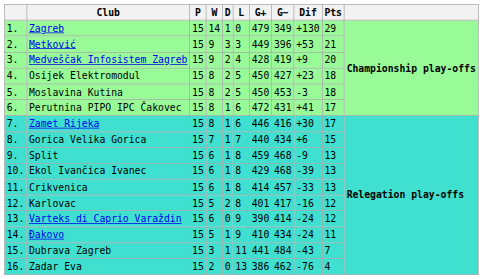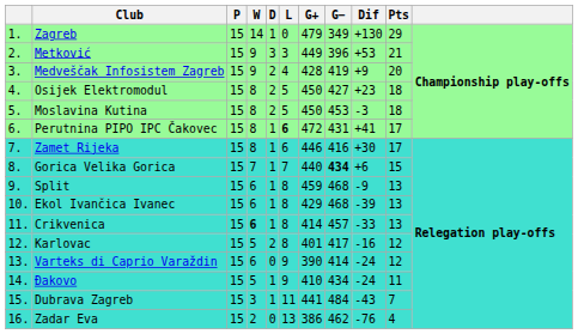 <table class="wikitable sortable">
 <tr>
 <th></th>
 <th>Club</th>
 <th>P</th>
 <th>W</th>
 <th>D</th>
 <th>L</th>
 <th>G+</th>
 <th>G−</th>
 <th>Dif</th>
 <th>Pts</th>
 <th></th>
 </tr>
 <tr style="background:palegreen;">
 <td>1.</td>
 <td><a href='#'>Zagreb</a></td>
 <td>15</td>
 <td>14</td>
 <td>1</td>
 <td>0</td>
 <td>479</td>
 <td>349</td>
 <td>+130</td>
 <td>29</td>
 <td rowspan="6"><strong>Championship play-offs</strong></td>
 </tr>
 <tr style="background:palegreen;">
 <td>2.</td>
 <td><a href='#'>Metković</a></td>
 <td>15</td>
 <td>9</td>
 <td>3</td>
 <td>3</td>
 <td>449</td>
 <td>396</td>
 <td>+53</td>
 <td>21</td>
 </tr>
 <tr style="background:palegreen;">
 <td>3.</td>
 <td><a href='#'>Medveščak Infosistem Zagreb</a></td>
 <td>15</td>
 <td>9</td>
 <td>2</td>
 <td>4</td>
 <td>428</td>
 <td>419</td>
 <td>+9</td>
 <td>20</td>
 </tr>
 <tr style="background:palegreen;">
 <td>4.</td>
 <td>Osijek Elektromodul</td>
 <td>15</td>
 <td>8</td>
 <td>2</td>
 <td>5</td>
 <td>450</td>
 <td>427</td>
 <td>+23</td>
 <td>18</td>
 </tr>
 <tr style="background:palegreen;">
 <td>5.</td>
 <td>Moslavina Kutina</td>
 <td>15</td>
 <td>8</td>
 <td>2</td>
 <td>5</td>
 <td>450</td>
 <td>453</td>
 <td>-3</td>
 <td>18</td>
 </tr>
 <tr style="background:palegreen;">
 <td>6.</td>
 <td>Perutnina PIPO IPC Čakovec</td>
 <td>15</td>
 <td>8</td>
 <td>1</td>
-<td>6</td>
+<td><strong>6</strong></td>
 <td>472</td>
 <td>431</td>
 <td>+41</td>
 <td>17</td>
 </tr>
 <tr Style="background:turquoise;">
 <td>7.</td>
 <td><a href='#'>Zamet Rijeka</a></td>
 <td>15</td>
 <td>8</td>
 <td>1</td>
 <td>6</td>
 <td>446</td>
 <td>416</td>
 <td>+30</td>
 <td>17</td>
 <td rowspan="10"><strong>Relegation play-offs</strong></td>
 </tr>
 <tr Style="background:turquoise;">
 <td>8.</td>
 <td>Gorica Velika Gorica</td>
 <td>15</td>
 <td>7</td>
 <td>1</td>
 <td>7</td>
 <td>440</td>
-<td>434</td>
+<td><strong>434</strong></td>
 <td>+6</td>
 <td>15</td>
 </tr>
 <tr Style="background:turquoise;">
 <td>9.</td>
 <td>Split</td>
 <td>15</td>
 <td>6</td>
 <td>1</td>
 <td>8</td>
 <td>459</td>
 <td>468</td>
 <td>-9</td>
 <td>13</td>
 </tr>
 <tr Style="background:turquoise;">
 <td>10.</td>
 <td>Ekol Ivančica Ivanec</td>
 <td>15</td>
 <td>6</td>
 <td>1</td>
 <td>8</td>
 <td>429</td>
 <td>468</td>
 <td>-39</td>
 <td>13</td>
 </tr>
 <tr Style="background:turquoise;">
 <td>11.</td>
 <td>Crikvenica</td>
 <td>15</td>
-<td>6</td>
+<td><strong>6</strong></td>
 <td>1</td>
 <td>8</td>
 <td>414</td>
 <td>457</td>
 <td>-33</td>
 <td>13</td>
 </tr>
 <tr Style="background:turquoise;">
 <td>12.</td>
 <td>Karlovac</td>
 <td>15</td>
 <td>5</td>
 <td>2</td>
 <td>8</td>
 <td>401</td>
 <td>417</td>
 <td>-16</td>
 <td>12</td>
 </tr>
 <tr Style="background:turquoise;">
 <td>13.</td>
 <td><a href='#'>Varteks di Caprio Varaždin</a></td>
 <td>15</td>
 <td>6</td>
 <td>0</td>
 <td>9</td>
 <td>390</td>
 <td>414</td>
 <td>-24</td>
 <td>12</td>
 </tr>
 <tr Style="background:turquoise;">
 <td>14.</td>
 <td><a href='#'>Đakovo</a></td>
 <td>15</td>
 <td>5</td>
 <td>1</td>
 <td>9</td>
 <td>410</td>
 <td>434</td>
 <td>-24</td>
 <td>11</td>
 </tr>
 <tr Style="background:turquoise;">
 <td>15.</td>
 <td>Dubrava Zagreb</td>
 <td>15</td>
 <td>3</td>
 <td>1</td>
 <td>11</td>
 <td>441</td>
 <td>484</td>
 <td>-43</td>
 <td>7</td>
 </tr>
 <tr Style="background:turquoise;">
 <td>16.</td>
 <td>Zadar Eva</td>
 <td>15</td>
 <td>2</td>
 <td>0</td>
 <td>13</td>
 <td>386</td>
 <td>462</td>
 <td>-76</td>
 <td>4</td>
 </tr>
 </table>
